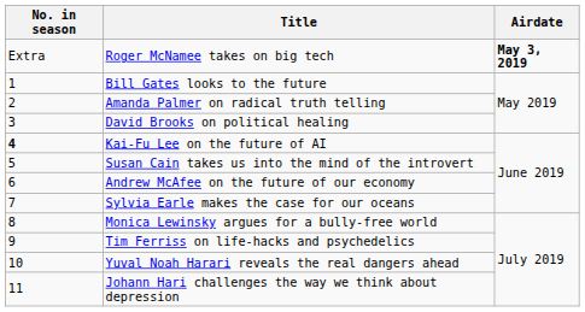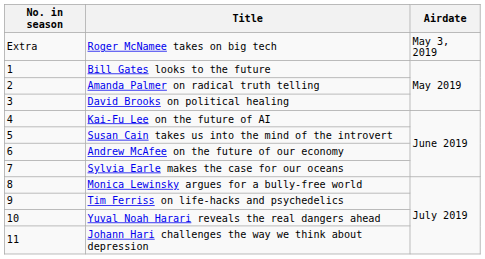 <table class="wikitable">
 <tr>
 <th>No. in season</th>
 <th>Title</th>
 <th>Airdate</th>
 </tr>
 <tr>
 <td>Extra</td>
 <td><a href='#'>Roger McNamee</a> takes on big tech</td>
-<td><strong>May 3, 2019</strong></td>
+<td>May 3, 2019</td>
 </tr>
 <tr>
 <td>1</td>
 <td><a href='#'>Bill Gates</a> looks to the future</td>
 <td rowspan="3">May 2019</td>
 </tr>
 <tr>
 <td>2</td>
 <td><a href='#'>Amanda Palmer</a> on radical truth telling</td>
 </tr>
 <tr>
 <td>3</td>
 <td><a href='#'>David Brooks</a> on political healing</td>
 </tr>
 <tr>
-<td><strong>4</strong></td>
+<td>4</td>
 <td><a href='#'>Kai-Fu Lee</a> on the future of AI</td>
 <td rowspan="4">June 2019</td>
 </tr>
 <tr>
 <td>5</td>
 <td><a href='#'>Susan Cain</a> takes us into the mind of the introvert</td>
 </tr>
 <tr>
 <td>6</td>
 <td><a href='#'>Andrew McAfee</a> on the future of our economy</td>
 </tr>
 <tr>
 <td>7</td>
 <td><a href='#'>Sylvia Earle</a> makes the case for our oceans</td>
 </tr>
 <tr>
 <td>8</td>
 <td><a href='#'>Monica Lewinsky</a> argues for a bully-free world</td>
 <td rowspan="4">July 2019</td>
 </tr>
 <tr>
 <td>9</td>
 <td><a href='#'>Tim Ferriss</a> on life-hacks and psychedelics</td>
 </tr>
 <tr>
 <td>10</td>
 <td><a href='#'>Yuval Noah Harari</a> reveals the real dangers ahead</td>
 </tr>
 <tr>
 <td>11</td>
 <td><a href='#'>Johann Hari</a> challenges the way we think about depression</td>
 </tr>
 </table>
